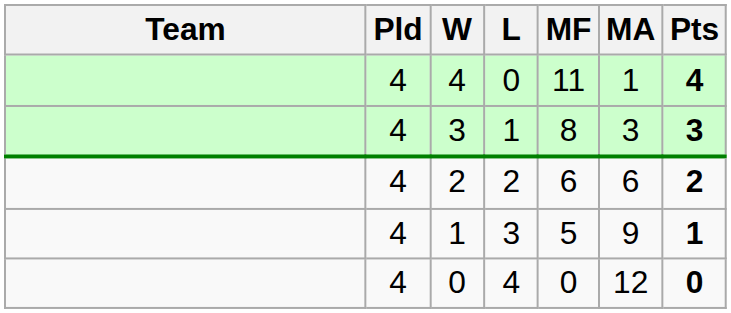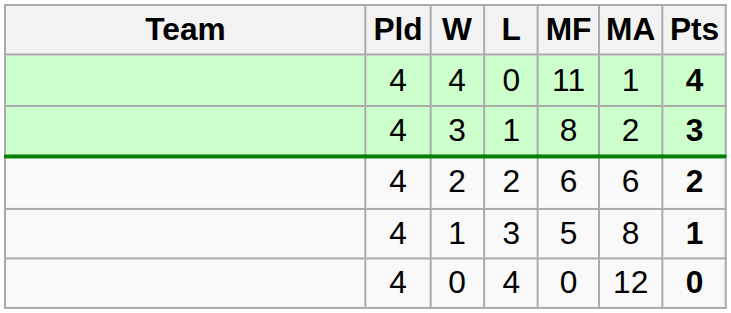 <table class=wikitable style="text-align:center">
 <tr>
 <th width=175>Team</th>
 <th width=20>Pld</th>
 <th width=20>W</th>
 <th width=20>L</th>
 <th width=20>MF</th>
 <th width=20>MA</th>
 <th width=20>Pts</th>
 </tr>
 <tr bgcolor=ccffcc>
 <td style="text-align:left"></td>
 <td>4</td>
 <td>4</td>
 <td>0</td>
 <td>11</td>
 <td>1</td>
 <td><strong>4</strong></td>
 </tr>
 <tr bgcolor=ccffcc style="border-bottom:2px solid green;">
 <td style="text-align:left"></td>
 <td>4</td>
 <td>3</td>
 <td>1</td>
 <td>8</td>
-<td>3</td>
+<td>2</td>
 <td><strong>3</strong></td>
 </tr>
 <tr>
 <td style="text-align:left"></td>
 <td>4</td>
 <td>2</td>
 <td>2</td>
 <td>6</td>
 <td>6</td>
 <td><strong>2</strong></td>
 </tr>
 <tr>
 <td style="text-align:left"></td>
 <td>4</td>
 <td>1</td>
 <td>3</td>
 <td>5</td>
-<td>9</td>
+<td>8</td>
 <td><strong>1</strong></td>
 </tr>
 <tr>
 <td style="text-align:left"></td>
 <td>4</td>
 <td>0</td>
 <td>4</td>
 <td>0</td>
 <td>12</td>
 <td><strong>0</strong></td>
 </tr>
 </table>
